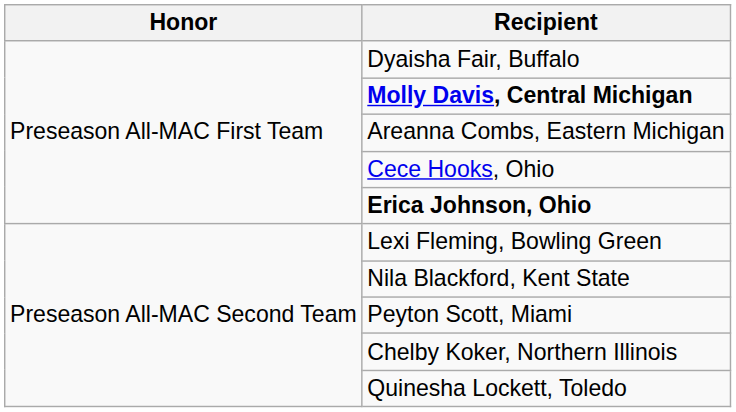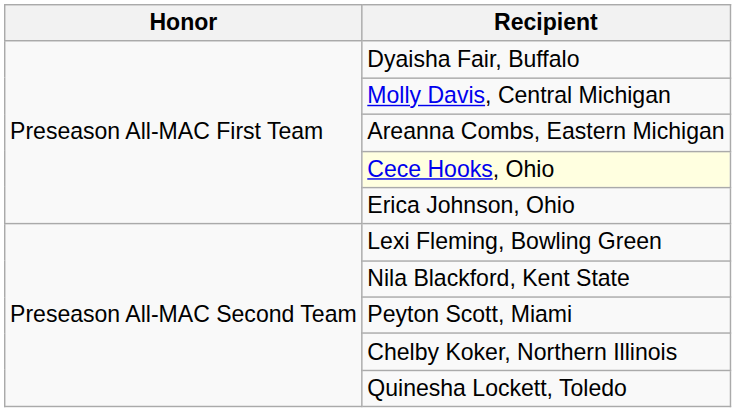 <table class="wikitable" border="1">
 <tr>
 <th>Honor</th>
 <th>Recipient</th>
 </tr>
 <tr>
 <td rowspan=5 valign=middle>Preseason All-MAC First Team</td>
 <td>Dyaisha Fair, Buffalo</td>
 </tr>
 <tr>
-<td><strong><a href='#'>Molly Davis</a>, Central Michigan</strong></td>
+<td><a href='#'>Molly Davis</a>, Central Michigan</td>
 </tr>
 <tr>
 <td>Areanna Combs, Eastern Michigan</td>
 </tr>
 <tr>
-<td><a href='#'>Cece Hooks</a>, Ohio</td>
+<td style="background: lightyellow;"><a href='#'>Cece Hooks</a>, Ohio</td>
 </tr>
 <tr>
-<td><strong>Erica Johnson, Ohio</strong></td>
+<td>Erica Johnson, Ohio</td>
 </tr>
 <tr>
 <td rowspan=6 valign=middle>Preseason All-MAC Second Team</td>
 <td>Lexi Fleming, Bowling Green</td>
 </tr>
 <tr>
 <td>Nila Blackford, Kent State</td>
 </tr>
 <tr>
 <td>Peyton Scott, Miami</td>
 </tr>
 <tr>
 <td>Chelby Koker, Northern Illinois</td>
 </tr>
 <tr>
 <td>Quinesha Lockett, Toledo</td>
 </tr>
 </table>
